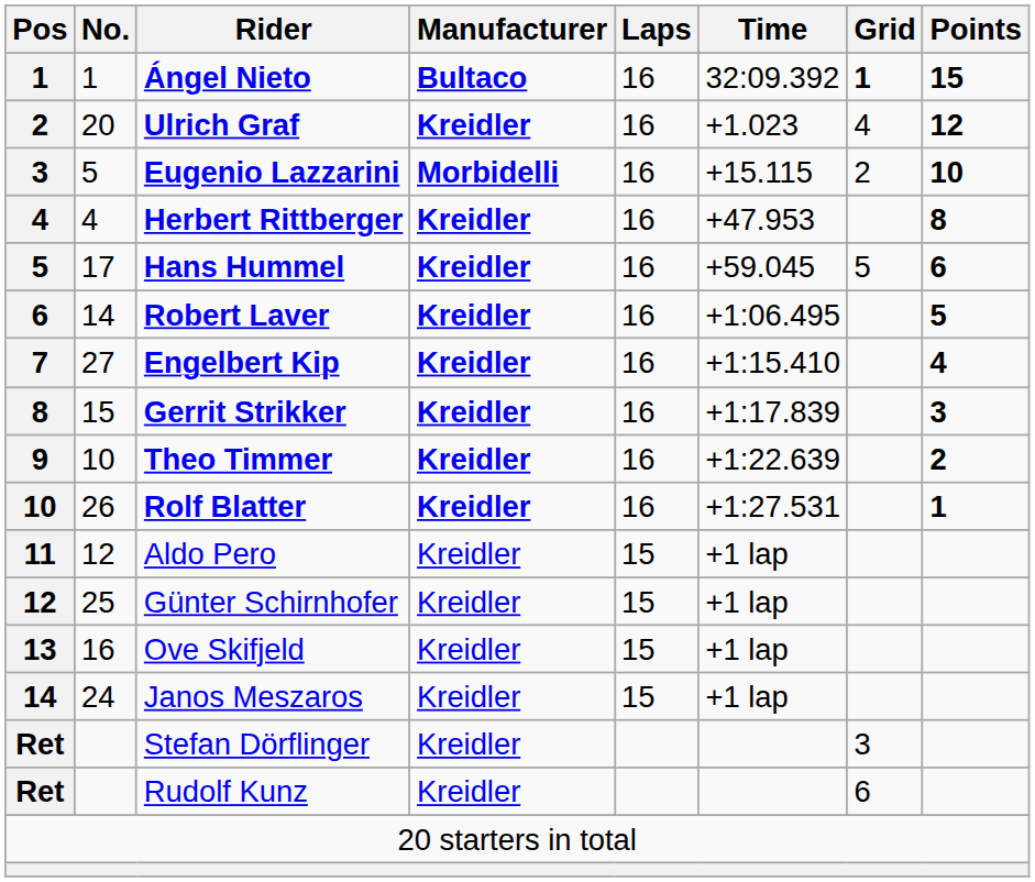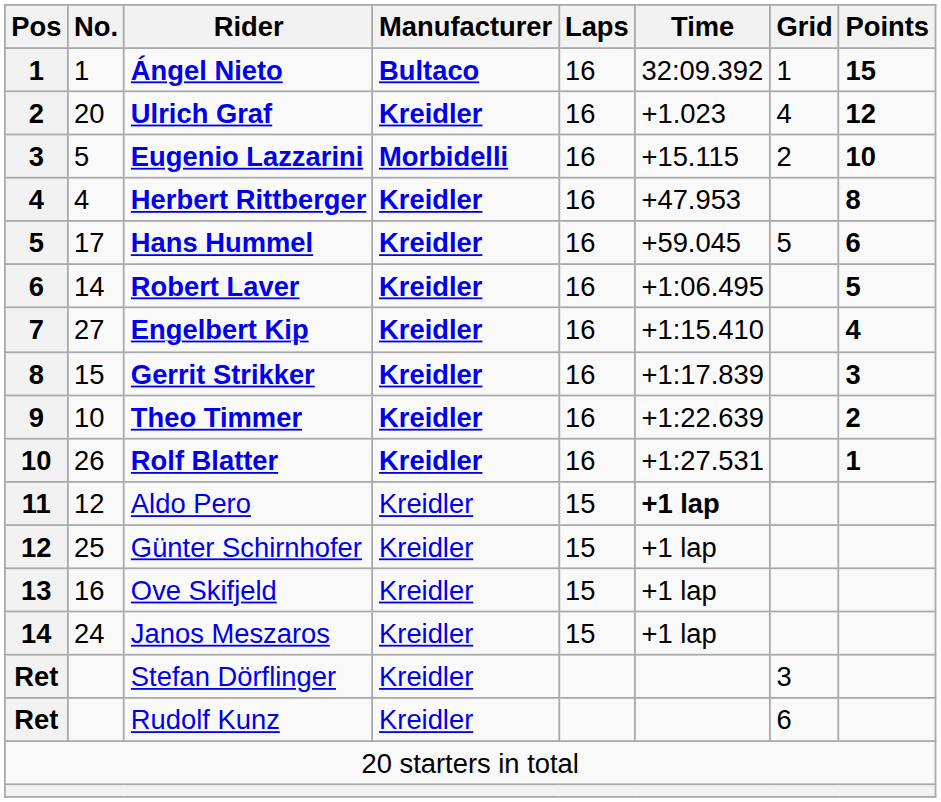 <table class="wikitable" style="font-size: 95%;">
 <tr>
 <th>Pos</th>
 <th>No.</th>
 <th>Rider</th>
 <th>Manufacturer</th>
 <th>Laps</th>
 <th>Time</th>
 <th>Grid</th>
 <th>Points</th>
 </tr>
 <tr>
 <th>1</th>
 <td>1</td>
 <td> <strong><a href='#'>Ángel Nieto</a></strong></td>
 <td><strong><a href='#'>Bultaco</a></strong></td>
 <td>16</td>
 <td>32:09.392</td>
-<td><strong>1</strong></td>
+<td>1</td>
 <td><strong>15</strong></td>
 </tr>
 <tr>
 <th>2</th>
 <td>20</td>
 <td> <strong><a href='#'>Ulrich Graf</a></strong></td>
 <td><strong><a href='#'>Kreidler</a></strong></td>
 <td>16</td>
 <td>+1.023</td>
 <td>4</td>
 <td><strong>12</strong></td>
 </tr>
 <tr>
 <th>3</th>
 <td>5</td>
 <td> <strong><a href='#'>Eugenio Lazzarini</a></strong></td>
 <td><strong><a href='#'>Morbidelli</a></strong></td>
 <td>16</td>
 <td>+15.115</td>
 <td>2</td>
 <td><strong>10</strong></td>
 </tr>
 <tr>
 <th>4</th>
 <td>4</td>
 <td> <strong><a href='#'>Herbert Rittberger</a></strong></td>
 <td><strong><a href='#'>Kreidler</a></strong></td>
 <td>16</td>
 <td>+47.953</td>
 <td></td>
 <td><strong>8</strong></td>
 </tr>
 <tr>
 <th>5</th>
 <td>17</td>
 <td> <strong><a href='#'>Hans Hummel</a></strong></td>
 <td><strong><a href='#'>Kreidler</a></strong></td>
 <td>16</td>
 <td>+59.045</td>
 <td>5</td>
 <td><strong>6</strong></td>
 </tr>
 <tr>
 <th>6</th>
 <td>14</td>
 <td> <strong><a href='#'>Robert Laver</a></strong></td>
 <td><strong><a href='#'>Kreidler</a></strong></td>
 <td>16</td>
 <td>+1:06.495</td>
 <td></td>
 <td><strong>5</strong></td>
 </tr>
 <tr>
 <th>7</th>
 <td>27</td>
 <td> <strong><a href='#'>Engelbert Kip</a></strong></td>
 <td><strong><a href='#'>Kreidler</a></strong></td>
 <td>16</td>
 <td>+1:15.410</td>
 <td></td>
 <td><strong>4</strong></td>
 </tr>
 <tr>
 <th>8</th>
 <td>15</td>
 <td> <strong><a href='#'>Gerrit Strikker</a></strong></td>
 <td><strong><a href='#'>Kreidler</a></strong></td>
 <td>16</td>
 <td>+1:17.839</td>
 <td></td>
 <td><strong>3</strong></td>
 </tr>
 <tr>
 <th>9</th>
 <td>10</td>
 <td> <strong><a href='#'>Theo Timmer</a></strong></td>
 <td><strong><a href='#'>Kreidler</a></strong></td>
 <td>16</td>
 <td>+1:22.639</td>
 <td></td>
 <td><strong>2</strong></td>
 </tr>
 <tr>
 <th>10</th>
 <td>26</td>
 <td> <strong><a href='#'>Rolf Blatter</a></strong></td>
 <td><strong><a href='#'>Kreidler</a></strong></td>
 <td>16</td>
 <td>+1:27.531</td>
 <td></td>
 <td><strong>1</strong></td>
 </tr>
 <tr>
 <th>11</th>
 <td>12</td>
 <td> <a href='#'>Aldo Pero</a></td>
 <td><a href='#'>Kreidler</a></td>
 <td>15</td>
-<td>+1 lap</td>
+<td><strong>+1 lap</strong></td>
 <td></td>
 <td></td>
 </tr>
 <tr>
 <th>12</th>
 <td>25</td>
 <td> <a href='#'>Günter Schirnhofer</a></td>
 <td><a href='#'>Kreidler</a></td>
 <td>15</td>
 <td>+1 lap</td>
 <td></td>
 <td></td>
 </tr>
 <tr>
 <th>13</th>
 <td>16</td>
 <td> <a href='#'>Ove Skifjeld</a></td>
 <td><a href='#'>Kreidler</a></td>
 <td>15</td>
 <td>+1 lap</td>
 <td></td>
 <td></td>
 </tr>
 <tr>
 <th>14</th>
 <td>24</td>
 <td> <a href='#'>Janos Meszaros</a></td>
 <td><a href='#'>Kreidler</a></td>
 <td>15</td>
 <td>+1 lap</td>
 <td></td>
 <td></td>
 </tr>
 <tr>
 <th>Ret</th>
 <td></td>
 <td> <a href='#'>Stefan Dörflinger</a></td>
 <td><a href='#'>Kreidler</a></td>
 <td></td>
 <td></td>
 <td>3</td>
 <td></td>
 </tr>
 <tr>
 <th>Ret</th>
 <td></td>
 <td> <a href='#'>Rudolf Kunz</a></td>
 <td><a href='#'>Kreidler</a></td>
 <td></td>
 <td></td>
 <td>6</td>
 <td></td>
 </tr>
 <tr>
 <td colspan=8 align=center>20 starters in total</td>
 </tr>
 <tr>
 <th colspan=8></th>
 </tr>
 </table>
